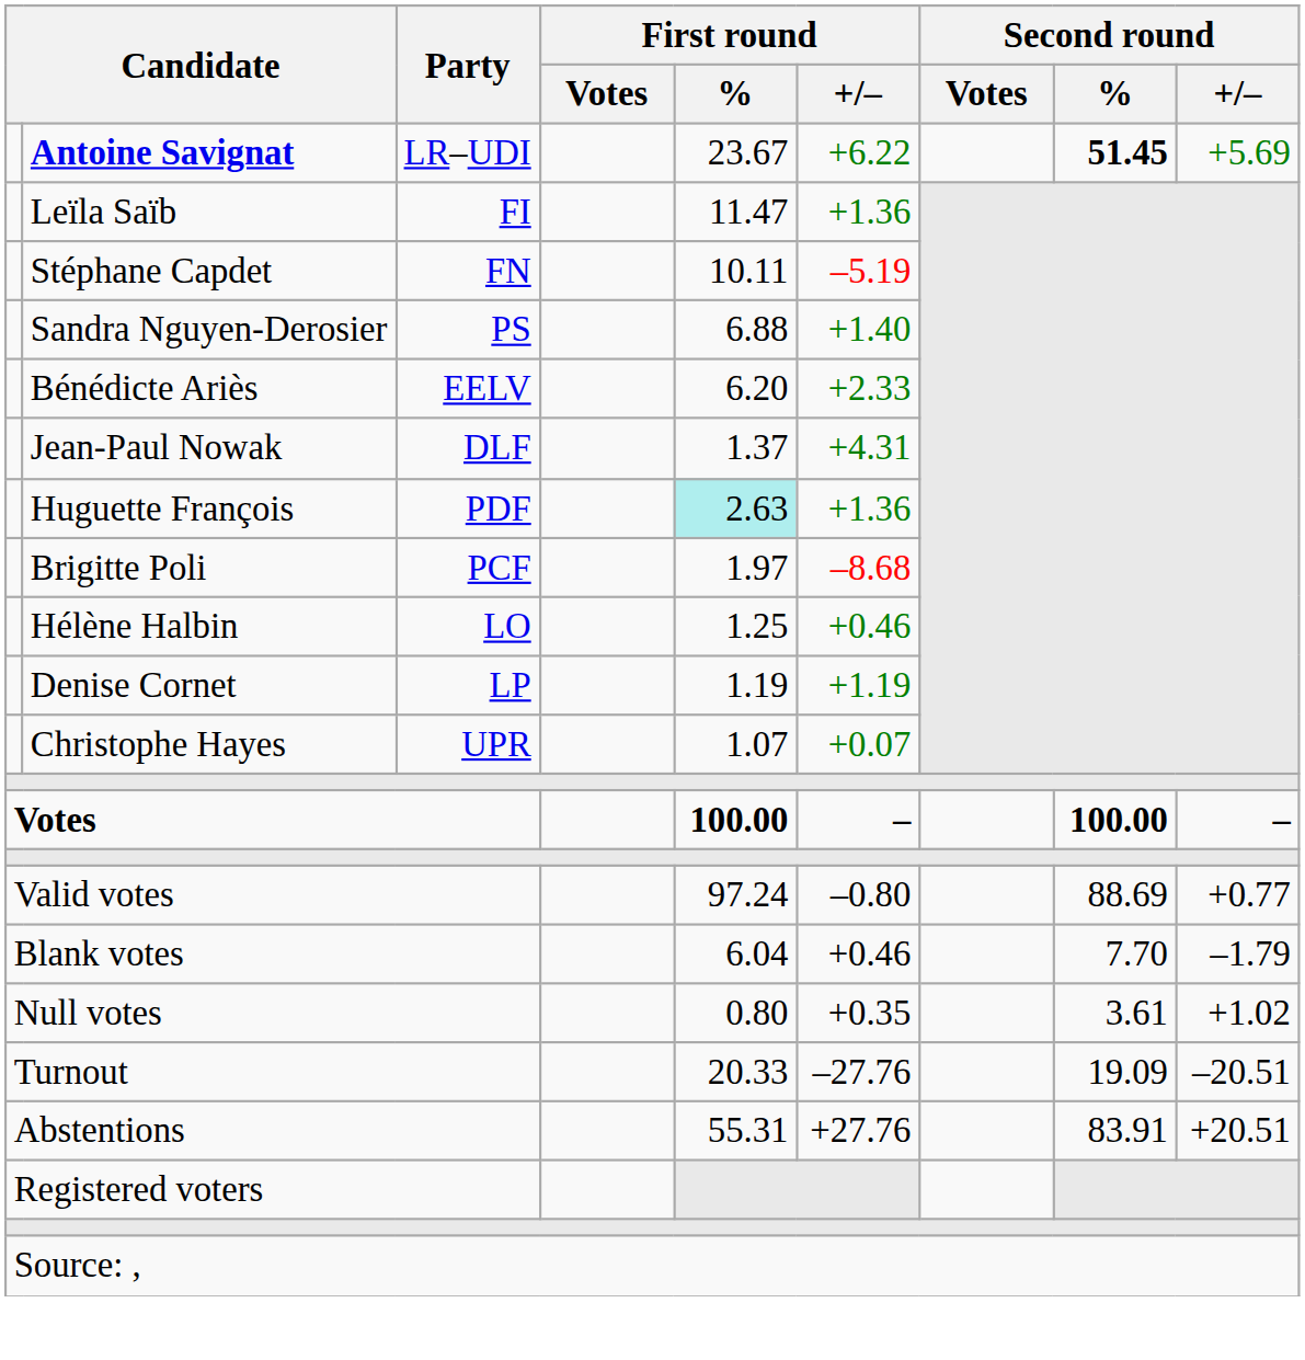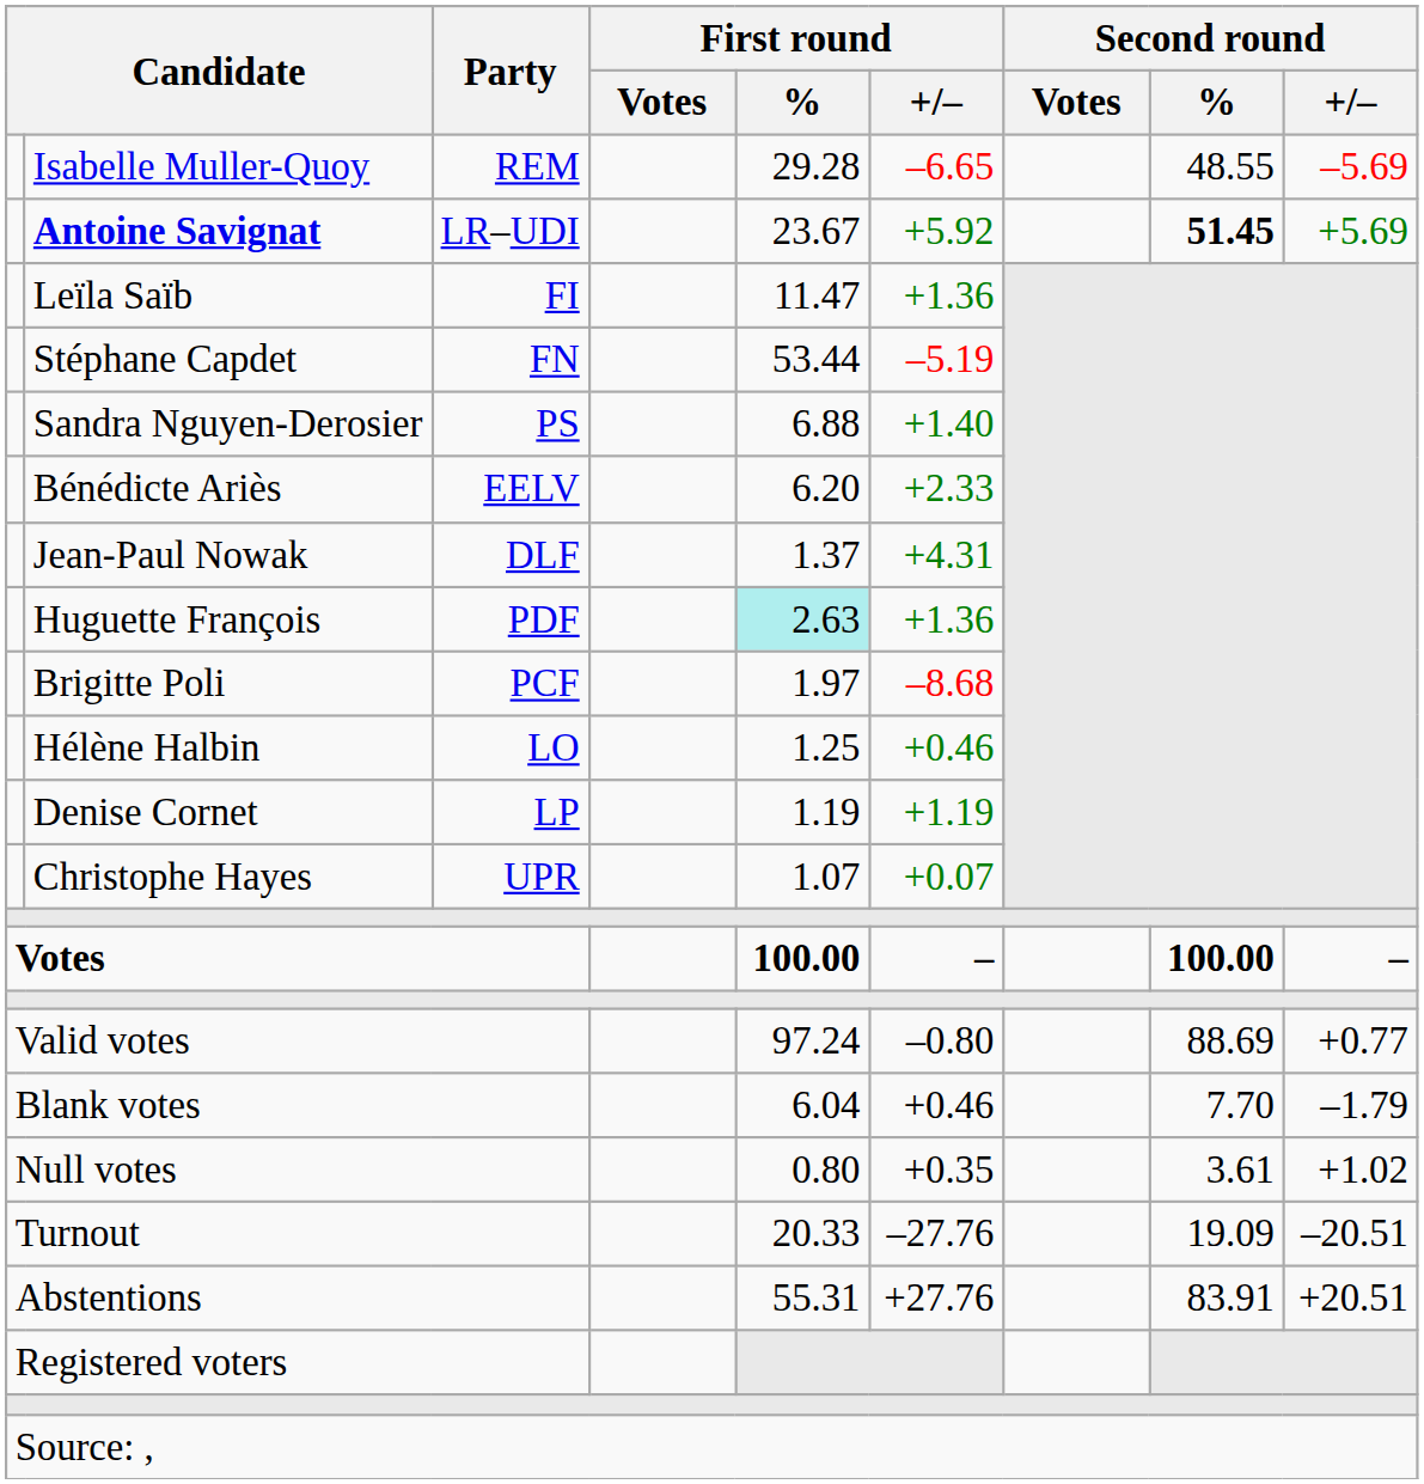 <table class="wikitable" style="text-align:right;font-size:95%;">
 <tr>
 <th rowspan="2" colspan="2">Candidate</th>
 <th rowspan="2">Party</th>
 <th colspan="3">First round</th>
 <th colspan="3">Second round</th>
 </tr>
 <tr>
 <th style="width:50px;">Votes</th>
 <th style="width:45px;">%</th>
 <th style="width:45px;">+/–</th>
 <th style="width:50px;">Votes</th>
 <th style="width:45px;">%</th>
 <th style="width:45px;">+/–</th>
 </tr>
 <tr>
 <td style="background:"></td>
+<td style="text-align:left;"><a href='#'>Isabelle Muller-Quoy</a></td>
+<td><a href='#'>REM</a></td>
+<td></td>
+<td>29.28</td>
+<td style="color:red;">–6.65</td>
+<td></td>
+<td>48.55</td>
+<td style="color:red;">–5.69</td>
+</tr>
+<tr>
+<td style="background:"></td>
 <td style="text-align:left;"><strong><a href='#'>Antoine Savignat</a></strong></td>
 <td><a href='#'>LR</a>–<a href='#'>UDI</a></td>
 <td></td>
 <td>23.67</td>
-<td style="color:green;">+6.22</td>
+<td style="color:green;">+5.92</td>
 <td></td>
 <td><strong>51.45</strong></td>
 <td style="color:green;">+5.69</td>
 </tr>
 <tr>
 <td style="background:"></td>
 <td style="text-align:left;">Leïla Saïb</td>
 <td><a href='#'>FI</a></td>
 <td></td>
 <td>11.47</td>
 <td style="color:green;">+1.36</td>
 <td colspan="3" rowspan="10" style="background:#E9E9E9;"></td>
 </tr>
 <tr>
 <td style="background:"></td>
 <td style="text-align:left;">Stéphane Capdet</td>
 <td><a href='#'>FN</a></td>
 <td></td>
-<td>10.11</td>
+<td>53.44</td>
 <td style="color:red;">–5.19</td>
 </tr>
 <tr>
 <td style="background:"></td>
 <td style="text-align:left;">Sandra Nguyen-Derosier</td>
 <td><a href='#'>PS</a></td>
 <td></td>
 <td>6.88</td>
 <td style="color:green;">+1.40</td>
 </tr>
 <tr>
 <td style="background:"></td>
 <td style="text-align:left;">Bénédicte Ariès</td>
 <td><a href='#'>EELV</a></td>
 <td></td>
 <td>6.20</td>
 <td style="color:green;">+2.33</td>
 </tr>
 <tr>
 <td style="background:"></td>
 <td style="text-align:left;">Jean-Paul Nowak</td>
 <td><a href='#'>DLF</a></td>
 <td></td>
 <td>1.37</td>
 <td style="color:green;">+4.31</td>
 </tr>
 <tr>
 <td style="background:"></td>
 <td style="text-align:left;">Huguette François</td>
 <td><a href='#'>PDF</a></td>
 <td></td>
 <td style="background: paleturquoise;">2.63</td>
 <td style="color:green;">+1.36</td>
 </tr>
 <tr>
 <td style="background:"></td>
 <td style="text-align:left;">Brigitte Poli</td>
 <td><a href='#'>PCF</a></td>
 <td></td>
 <td>1.97</td>
 <td style="color:red;">–8.68</td>
 </tr>
 <tr>
 <td style="background:"></td>
 <td style="text-align:left;">Hélène Halbin</td>
 <td><a href='#'>LO</a></td>
 <td></td>
 <td>1.25</td>
 <td style="color:green;">+0.46</td>
 </tr>
 <tr>
 <td style="background:"></td>
 <td style="text-align:left;">Denise Cornet</td>
 <td><a href='#'>LP</a></td>
 <td></td>
 <td>1.19</td>
 <td style="color:green;">+1.19</td>
 </tr>
 <tr>
 <td style="background:"></td>
 <td style="text-align:left;">Christophe Hayes</td>
 <td><a href='#'>UPR</a></td>
 <td></td>
 <td>1.07</td>
 <td style="color:green;">+0.07</td>
 </tr>
 <tr>
 <td colspan="9" style="background:#E9E9E9;"></td>
 </tr>
 <tr style="font-weight:bold;">
 <td colspan="3" style="text-align:left;">Votes</td>
 <td></td>
 <td>100.00</td>
 <td>–</td>
 <td></td>
 <td>100.00</td>
 <td>–</td>
 </tr>
 <tr>
 <td colspan="9" style="background:#E9E9E9;"></td>
 </tr>
 <tr>
 <td colspan="3" style="text-align:left;">Valid votes</td>
 <td></td>
 <td>97.24</td>
 <td>–0.80</td>
 <td></td>
 <td>88.69</td>
 <td>+0.77</td>
 </tr>
 <tr>
 <td colspan="3" style="text-align:left;">Blank votes</td>
 <td></td>
 <td>6.04</td>
 <td>+0.46</td>
 <td></td>
 <td>7.70</td>
 <td>–1.79</td>
 </tr>
 <tr>
 <td colspan="3" style="text-align:left;">Null votes</td>
 <td></td>
 <td>0.80</td>
 <td>+0.35</td>
 <td></td>
 <td>3.61</td>
 <td>+1.02</td>
 </tr>
 <tr>
 <td colspan="3" style="text-align:left;">Turnout</td>
 <td></td>
 <td>20.33</td>
 <td>–27.76</td>
 <td></td>
 <td>19.09</td>
 <td>–20.51</td>
 </tr>
 <tr>
 <td colspan="3" style="text-align:left;">Abstentions</td>
 <td></td>
 <td>55.31</td>
 <td>+27.76</td>
 <td></td>
 <td>83.91</td>
 <td>+20.51</td>
 </tr>
 <tr>
 <td colspan="3" style="text-align:left;">Registered voters</td>
 <td></td>
 <td colspan="2" style="background:#E9E9E9;"></td>
 <td></td>
 <td colspan="2" style="background:#E9E9E9;"></td>
 </tr>
 <tr>
 <td colspan="9" style="background:#E9E9E9;"></td>
 </tr>
 <tr>
 <td colspan="9" style="text-align:left;">Source: , </td>
 </tr>
 </table>
